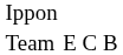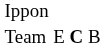 <table>
 <tr>
 <td rowspan=2>Ippon</td>
 <td rowspan=2></td>
 <td rowspan=2></td>
 <td></td>
 </tr>
 <tr>
 <td></td>
 </tr>
 <tr>
 <td>Team</td>
 <td> E</td>
-<td> C</td>
+<td><strong> C</strong></td>
 <td> B</td>
 </tr>
 </table>
